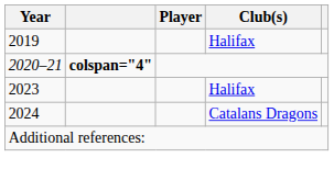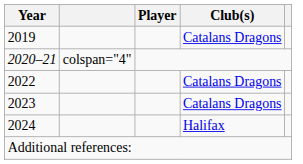 <table class="wikitable sortable">
 <tr>
 <th scope="col">Year</th>
 <th scope="col"></th>
 <th scope="col">Player</th>
 <th scope="col">Club(s)</th>
 <th scope="col" class="unsortable"></th>
 </tr>
 <tr>
 <td>2019</td>
 <td></td>
 <td></td>
-<td><a href='#'>Halifax</a></td>
+<td><a href='#'>Catalans Dragons</a></td>
 <td></td>
 </tr>
 <tr>
 <td><em>2020–21</em></td>
-<td><strong>colspan="4" </strong></td>
+<td>colspan="4" </td>
+</tr>
+<tr>
+<td>2022</td>
+<td></td>
+<td></td>
+<td><a href='#'>Catalans Dragons</a></td>
+<td></td>
 </tr>
 <tr>
 <td>2023</td>
+<td></td>
+<td></td>
+<td><a href='#'>Catalans Dragons</a></td>
+<td></td>
+</tr>
+<tr>
+<td>2024</td>
 <td></td>
 <td></td>
 <td><a href='#'>Halifax</a></td>
 <td></td>
 </tr>
 <tr>
-<td>2024</td>
-<td></td>
-<td></td>
-<td><a href='#'>Catalans Dragons</a></td>
-<td></td>
-</tr>
-<tr>
 <td colspan=5>Additional references:</td>
 </tr>
 </table>
